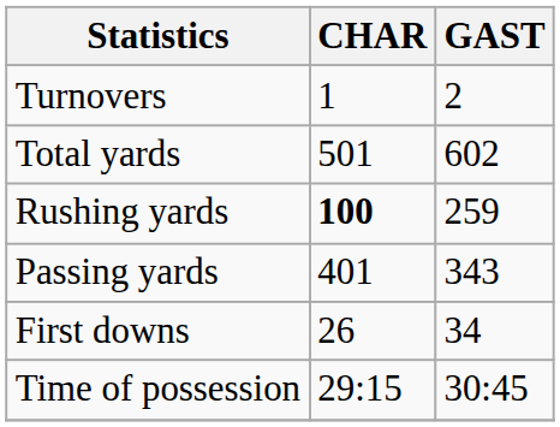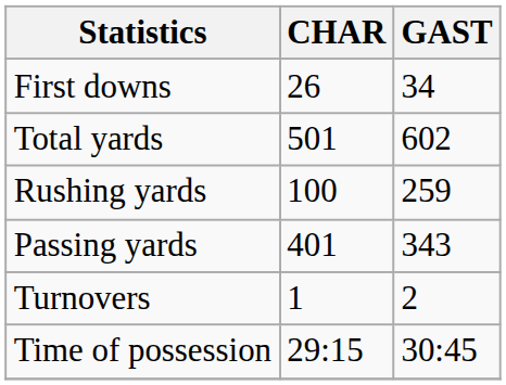 <table class="wikitable" style="float: right;">
 <tr>
 <th>Statistics</th>
 <th>CHAR</th>
 <th>GAST</th>
 </tr>
 <tr>
-<td>Turnovers</td>
-<td>1</td>
-<td>2</td>
+<td>First downs</td>
+<td>26</td>
+<td>34</td>
 </tr>
 <tr>
 <td>Total yards</td>
 <td>501</td>
 <td>602</td>
 </tr>
 <tr>
 <td>Rushing yards</td>
-<td><strong>100</strong></td>
+<td>100</td>
 <td>259</td>
 </tr>
 <tr>
 <td>Passing yards</td>
 <td>401</td>
 <td>343</td>
 </tr>
 <tr>
-<td>First downs</td>
-<td>26</td>
-<td>34</td>
+<td>Turnovers</td>
+<td>1</td>
+<td>2</td>
 </tr>
 <tr>
 <td>Time of possession</td>
 <td>29:15</td>
 <td>30:45</td>
 </tr>
 <tr>
 </tr>
 </table>
